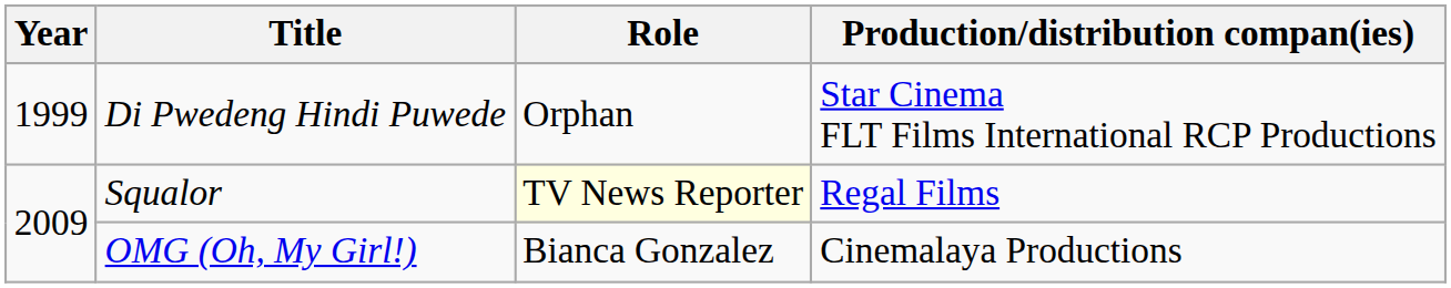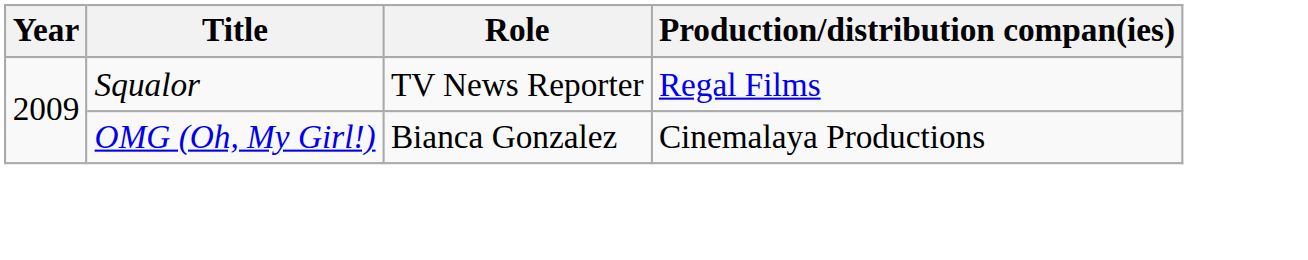 <table class="wikitable">
 <tr>
 <th>Year</th>
 <th>Title</th>
 <th>Role</th>
 <th>Production/distribution compan(ies)</th>
 </tr>
 <tr>
-<td>1999</td>
-<td><em>Di Pwedeng Hindi Puwede</em></td>
-<td>Orphan</td>
-<td><a href='#'>Star Cinema</a><br>FLT Films International RCP Productions</td>
-</tr>
-<tr>
 <td rowspan="2">2009</td>
 <td><em>Squalor</em></td>
-<td style="background: lightyellow;">TV News Reporter</td>
+<td>TV News Reporter</td>
 <td><a href='#'>Regal Films</a></td>
 </tr>
 <tr>
 <td><em><a href='#'>OMG (Oh, My Girl!)</a></em></td>
 <td>Bianca Gonzalez</td>
 <td>Cinemalaya Productions</td>
 </tr>
 </table>
